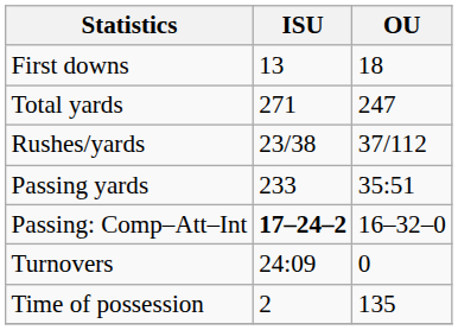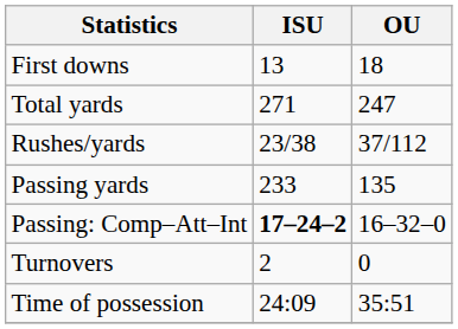 <table class="wikitable" style="float: left;">
 <tr>
 <th>Statistics</th>
 <th>ISU</th>
 <th>OU</th>
 </tr>
 <tr>
 <td>First downs</td>
 <td>13</td>
 <td>18</td>
 </tr>
 <tr>
 <td>Total yards</td>
 <td>271</td>
 <td>247</td>
 </tr>
 <tr>
 <td>Rushes/yards</td>
 <td>23/38</td>
 <td>37/112</td>
 </tr>
 <tr>
 <td>Passing yards</td>
 <td>233</td>
-<td>35:51</td>
+<td>135</td>
 </tr>
 <tr>
 <td>Passing: Comp–Att–Int</td>
 <td><strong>17–24–2</strong></td>
 <td>16–32–0</td>
 </tr>
 <tr>
 <td>Turnovers</td>
-<td>24:09</td>
+<td>2</td>
 <td>0</td>
 </tr>
 <tr>
 <td>Time of possession</td>
-<td>2</td>
-<td>135</td>
+<td>24:09</td>
+<td>35:51</td>
 </tr>
 <tr>
 </tr>
 </table>
